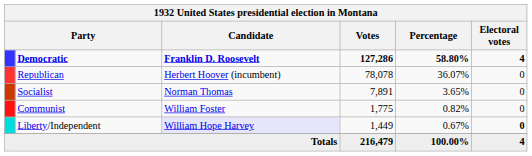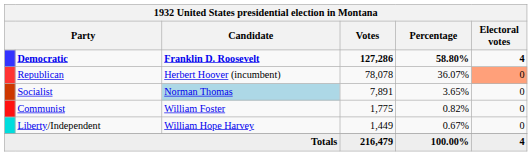 <table class="wikitable" style="font-size: 95%;">
 <tr>
 <th colspan="6">1932 United States presidential election in Montana</th>
 </tr>
 <tr>
 <th colspan="2" style="width: 15em">Party</th>
 <th style="width: 17em">Candidate</th>
 <th style="width: 5em">Votes</th>
 <th style="width: 7em">Percentage</th>
 <th style="width: 5em">Electoral votes</th>
 </tr>
 <tr>
 <th style="background-color:#3333FF; width: 3px"></th>
 <td style="width: 130px"><strong><a href='#'>Democratic</a></strong></td>
 <td><strong><a href='#'>Franklin D. Roosevelt</a></strong></td>
 <td align="right"><strong>127,286</strong></td>
 <td align="right"><strong>58.80%</strong></td>
 <td align="right"><strong>4</strong></td>
 </tr>
 <tr>
 <th style="background-color:#FF3333; width: 3px"></th>
 <td style="width: 130px"><a href='#'>Republican</a></td>
 <td><a href='#'>Herbert Hoover</a> (incumbent)</td>
 <td align="right">78,078</td>
 <td align="right">36.07%</td>
-<td align="right">0</td>
+<td align="right" style="background: lightsalmon;">0</td>
 </tr>
 <tr>
 <th style="background-color:#CD3700; width: 3px"></th>
 <td style="width: 130px"><a href='#'>Socialist</a></td>
-<td><a href='#'>Norman Thomas</a></td>
+<td style="background: lightblue;"><a href='#'>Norman Thomas</a></td>
 <td align="right">7,891</td>
 <td align="right">3.65%</td>
 <td align="right">0</td>
 </tr>
 <tr>
 <th style="background-color:#FF1111; width: 3px"></th>
 <td style="width: 130px"><a href='#'>Communist</a></td>
 <td><a href='#'>William Foster</a></td>
 <td align="right">1,775</td>
 <td align="right">0.82%</td>
 <td align="right">0</td>
 </tr>
 <tr>
 <th style="background-color:#00DDDD; width: 3px"></th>
 <td style="width: 130px"><a href='#'>Liberty</a>/Independent</td>
-<td style="background: lavender;"><a href='#'>William Hope Harvey</a></td>
+<td><a href='#'>William Hope Harvey</a></td>
 <td align="right">1,449</td>
 <td align="right">0.67%</td>
-<td align="right"><strong>0</strong></td>
+<td align="right">0</td>
 </tr>
 <tr>
 </tr>
 <tr bgcolor="#EEEEEE">
 <td colspan="3" align="right"><strong>Totals</strong></td>
 <td align="right"><strong>216,479</strong></td>
 <td align="right"><strong>100.00%</strong></td>
 <td align="right"><strong>4</strong></td>
 </tr>
 </table>
